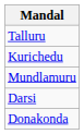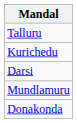 <table class="wikitable sortable static-row-numbers static-row-header-hash">
 <tr>
 <th>Mandal</th>
 </tr>
 <tr>
 <td><a href='#'>Talluru</a></td>
 </tr>
 <tr>
 <td><a href='#'>Kurichedu</a></td>
 </tr>
 <tr>
-<td><a href='#'>Mundlamuru</a></td>
+<td><a href='#'>Darsi</a></td>
 </tr>
 <tr>
-<td><a href='#'>Darsi</a></td>
+<td><a href='#'>Mundlamuru</a></td>
 </tr>
 <tr>
 <td><a href='#'>Donakonda</a></td>
 </tr>
 </table>
